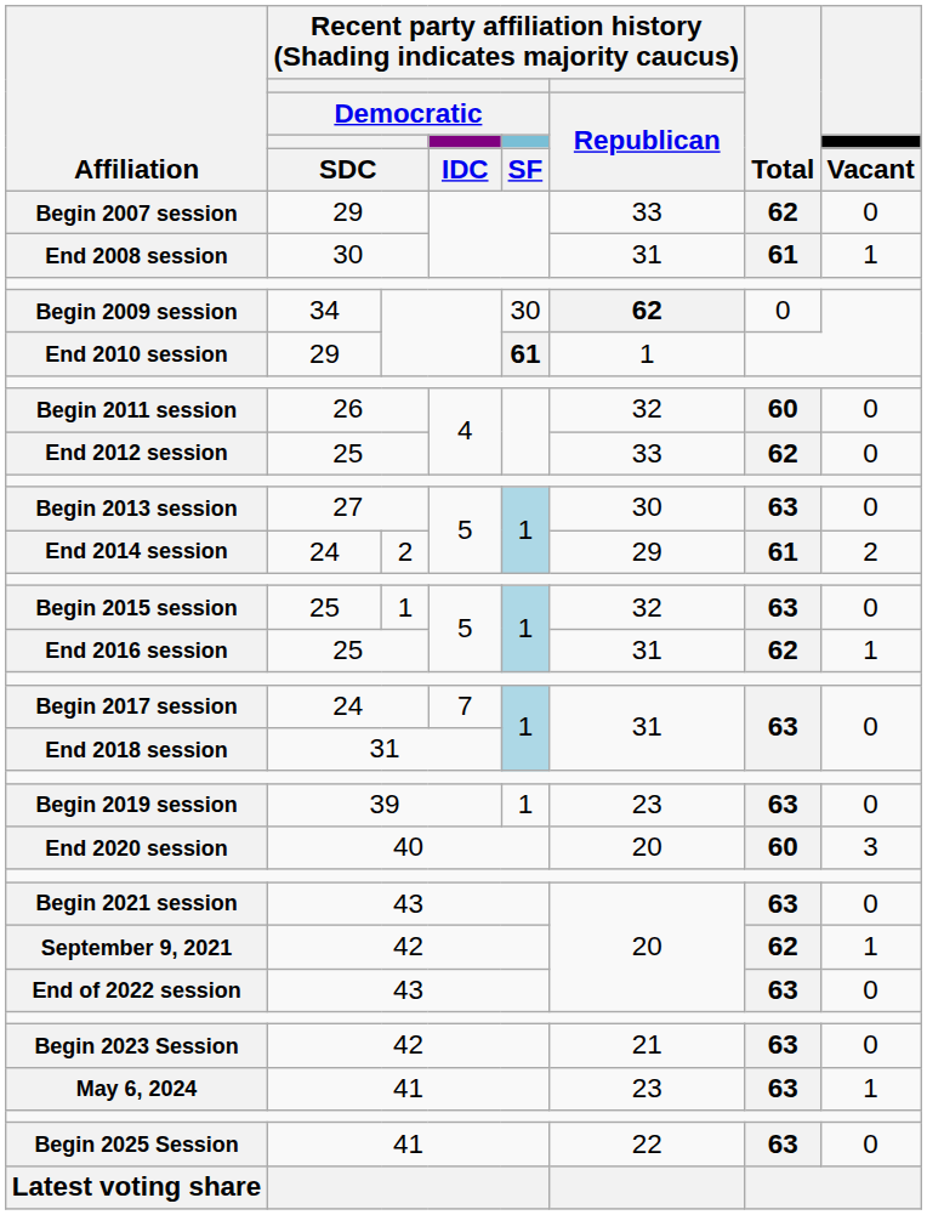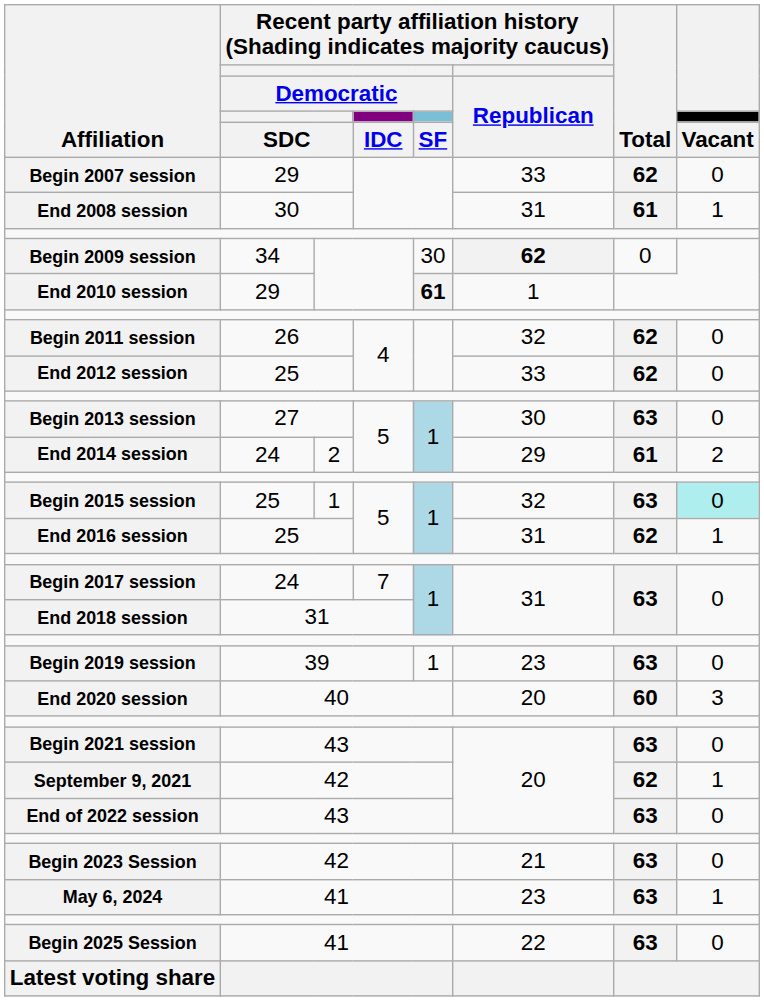 <table class=wikitable style="text-align:center">
 <tr style="vertical-align:bottom;">
 <th rowspan=5>Affiliation</th>
 <th colspan=5>Recent party affiliation history<div>(Shading indicates majority caucus)</div></th>
 <th rowspan=5>Total</th>
 <th rowspan=3></th>
 </tr>
 <tr style="height:5px">
 <th colspan=4 style="background-color:"></th>
 <th style="background-color:"></th>
 </tr>
 <tr>
 <th colspan=4><a href='#'>Democratic</a></th>
 <th rowspan=3><a href='#'>Republican</a></th>
 </tr>
 <tr style="height:5px">
 <th colspan=2 style="background-color:"></th>
 <th style="background:purple;"></th>
 <th style="background:#79bfd6;"></th>
 <th style="background:black;"></th>
 </tr>
 <tr>
 <th colspan=2>SDC</th>
 <th><a href='#'>IDC</a></th>
 <th><a href='#'>SF</a></th>
 <th>Vacant</th>
 </tr>
 <tr>
 <th nowrap style="font-size:80%">Begin 2007 session</th>
 <td colspan=2>29</td>
 <td rowspan=2 colspan=2 ></td>
 <td>33</td>
 <th>62</th>
 <td>0</td>
 </tr>
 <tr>
 <th nowrap style="font-size:80%">End 2008 session</th>
 <td colspan=2>30</td>
 <td>31</td>
 <th>61</th>
 <td>1</td>
 </tr>
 <tr>
 <td colspan=8></td>
 </tr>
 <tr>
 <th nowrap style="font-size:80%">Begin 2009 session</th>
 <td>34</td>
 <td rowspan=2 colspan=2 ></td>
 <td>30</td>
 <th>62</th>
 <td>0</td>
 </tr>
 <tr>
 <th nowrap style="font-size:80%">End 2010 session</th>
 <td>29</td>
 <th>61</th>
 <td>1</td>
 </tr>
 <tr>
 <td colspan=8></td>
 </tr>
 <tr>
 <th nowrap style="font-size:80%">Begin 2011 session</th>
 <td colspan=2>26</td>
 <td rowspan=2>4</td>
 <td rowspan=2 ></td>
 <td>32</td>
-<th>60</th>
+<th>62</th>
 <td>0</td>
 </tr>
 <tr>
 <th nowrap style="font-size:80%">End 2012 session</th>
 <td colspan=2>25</td>
 <td>33</td>
 <th>62</th>
 <td>0</td>
 </tr>
 <tr>
 <td colspan=8></td>
 </tr>
 <tr>
 <th nowrap style="font-size:80%">Begin 2013 session</th>
 <td colspan=2>27</td>
 <td rowspan=2 >5</td>
 <td rowspan=2 style="background:lightblue">1</td>
 <td>30</td>
 <th>63</th>
 <td>0</td>
 </tr>
 <tr>
 <th nowrap style="font-size:80%">End 2014 session</th>
 <td width=60>24</td>
 <td width=20>2</td>
 <td>29</td>
 <th>61</th>
 <td>2</td>
 </tr>
 <tr>
 <td colspan=8></td>
 </tr>
 <tr>
 <th nowrap style="font-size:80%">Begin 2015 session</th>
 <td width=60>25</td>
 <td width=20>1</td>
 <td rowspan=2 >5</td>
 <td rowspan="2" style="width:20px; background:lightblue;">1</td>
 <td>32</td>
 <th>63</th>
-<td>0</td>
+<td style="background: paleturquoise;">0</td>
 </tr>
 <tr>
 <th nowrap style="font-size:80%">End 2016 session</th>
 <td colspan=2>25</td>
 <td>31</td>
 <th>62</th>
 <td>1</td>
 </tr>
 <tr>
 <td colspan=8></td>
 </tr>
 <tr>
 <th nowrap style="font-size:80%">Begin 2017 session</th>
 <td colspan=2>24</td>
 <td>7</td>
 <td rowspan=2 style="background:lightblue">1</td>
 <td rowspan=2 >31</td>
 <th rowspan=2>63</th>
 <td rowspan=2>0</td>
 </tr>
 <tr>
 <th nowrap style="font-size:80%">End 2018 session</th>
 <td colspan=3>31</td>
 </tr>
 <tr>
 <td colspan=8></td>
 </tr>
 <tr>
 <th nowrap style="font-size:80%">Begin 2019 session</th>
 <td colspan=3 >39</td>
 <td>1</td>
 <td>23</td>
 <th>63</th>
 <td>0</td>
 </tr>
 <tr>
 <th style="font-size:80%" nowrap="">End 2020 session</th>
 <td colspan=4 >40</td>
 <td>20</td>
 <th>60</th>
 <td>3</td>
 </tr>
 <tr>
 <td colspan=8></td>
 </tr>
 <tr>
 <th nowrap style="font-size:80%">Begin 2021 session</th>
 <td colspan=4 >43</td>
 <td rowspan=3>20</td>
 <th>63</th>
 <td>0</td>
 </tr>
 <tr>
 <th nowrap style="font-size:80%">September 9, 2021</th>
 <td colspan=4 >42</td>
 <th>62</th>
 <td>1</td>
 </tr>
 <tr>
 <th nowrap style="font-size:80%">End of 2022 session </th>
 <td colspan=4 >43</td>
 <th>63</th>
 <td>0</td>
 </tr>
 <tr>
 <td colspan=8></td>
 </tr>
 <tr>
 <th nowrap style="font-size:80%">Begin 2023 Session</th>
 <td colspan="4" >42</td>
 <td>21</td>
 <th>63</th>
 <td>0</td>
 </tr>
 <tr>
 <th nowrap style="font-size:80%">May 6, 2024</th>
 <td colspan="4" >41</td>
 <td>23</td>
 <th>63</th>
 <td>1</td>
 </tr>
 <tr>
 <td colspan=8></td>
 </tr>
 <tr>
 <th nowrap style="font-size:80%">Begin 2025 Session</th>
 <td colspan="4" >41</td>
 <td>22</td>
 <th>63</th>
 <td>0</td>
 </tr>
 <tr>
 <th>Latest voting share</th>
 <th colspan=4 ></th>
 <th></th>
 <th colspan=2></th>
 </tr>
 </table>
